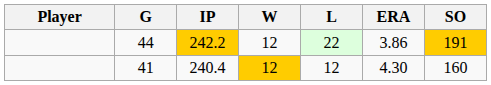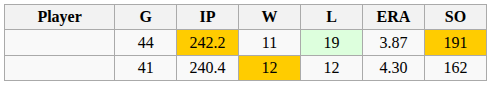 <table class="wikitable sortable">
 <tr>
 <th bgcolor="#DDDDFF" width="16%">Player</th>
 <th bgcolor="#DDDDFF" width="9%">G</th>
 <th bgcolor="#DDDDFF" width="9%">IP</th>
 <th bgcolor="#DDDDFF" width="9%">W</th>
 <th bgcolor="#DDDDFF" width="9%">L</th>
 <th bgcolor="#DDDDFF" width="9%">ERA</th>
 <th bgcolor="#DDDDFF" width="9%">SO</th>
 </tr>
 <tr align="center">
 <td></td>
 <td>44</td>
 <td style="background:#fc0;">242.2</td>
-<td>12</td>
-<td style="background:#DDFFDD;">22</td>
-<td>3.86</td>
+<td>11</td>
+<td style="background:#DDFFDD;">19</td>
+<td>3.87</td>
 <td style="background:#fc0;">191</td>
 </tr>
 <tr align="center">
 <td></td>
 <td>41</td>
 <td>240.4</td>
 <td style="background:#fc0;">12</td>
 <td>12</td>
 <td>4.30</td>
-<td>160</td>
+<td>162</td>
 </tr>
 <tr align="center">
 </tr>
 </table>
